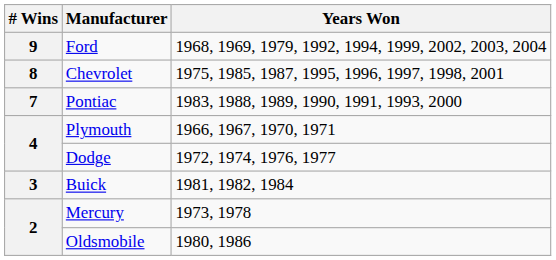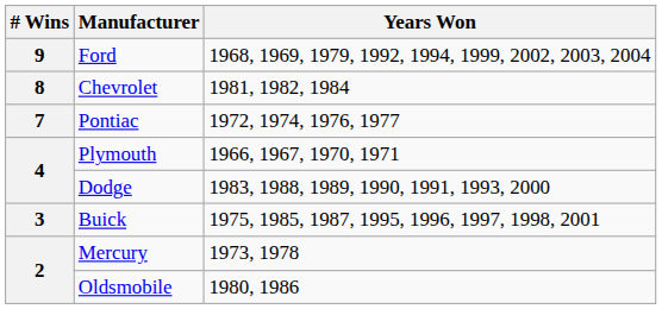 <table class="wikitable" style="font-size: 95%;">
 <tr>
 <th># Wins</th>
 <th>Manufacturer</th>
 <th>Years Won</th>
 </tr>
 <tr>
 <th>9</th>
 <td><a href='#'>Ford</a></td>
 <td>1968, 1969, 1979, 1992, 1994, 1999, 2002, 2003, 2004</td>
 </tr>
 <tr>
 <th>8</th>
 <td><a href='#'>Chevrolet</a></td>
-<td>1975, 1985, 1987, 1995, 1996, 1997, 1998, 2001</td>
+<td>1981, 1982, 1984</td>
 </tr>
 <tr>
 <th>7</th>
 <td><a href='#'>Pontiac</a></td>
-<td>1983, 1988, 1989, 1990, 1991, 1993, 2000</td>
+<td>1972, 1974, 1976, 1977</td>
 </tr>
 <tr>
 <th rowspan="2">4</th>
 <td><a href='#'>Plymouth</a></td>
 <td>1966, 1967, 1970, 1971</td>
 </tr>
 <tr>
 <td><a href='#'>Dodge</a></td>
-<td>1972, 1974, 1976, 1977</td>
+<td>1983, 1988, 1989, 1990, 1991, 1993, 2000</td>
 </tr>
 <tr>
 <th>3</th>
 <td><a href='#'>Buick</a></td>
-<td>1981, 1982, 1984</td>
+<td>1975, 1985, 1987, 1995, 1996, 1997, 1998, 2001</td>
 </tr>
 <tr>
 <th rowspan="2">2</th>
 <td><a href='#'>Mercury</a></td>
 <td>1973, 1978</td>
 </tr>
 <tr>
 <td><a href='#'>Oldsmobile</a></td>
 <td>1980, 1986</td>
 </tr>
 </table>
